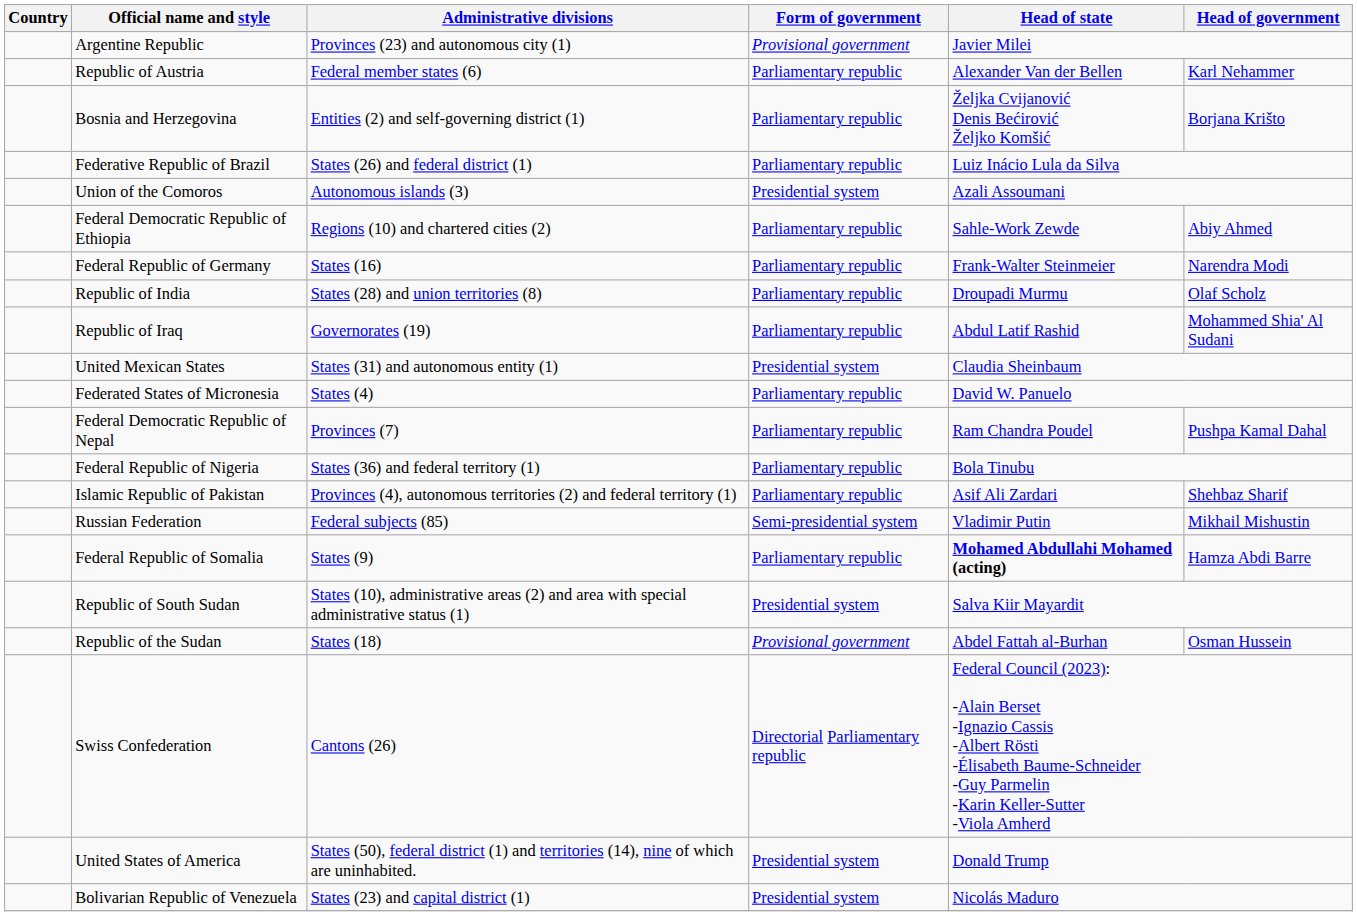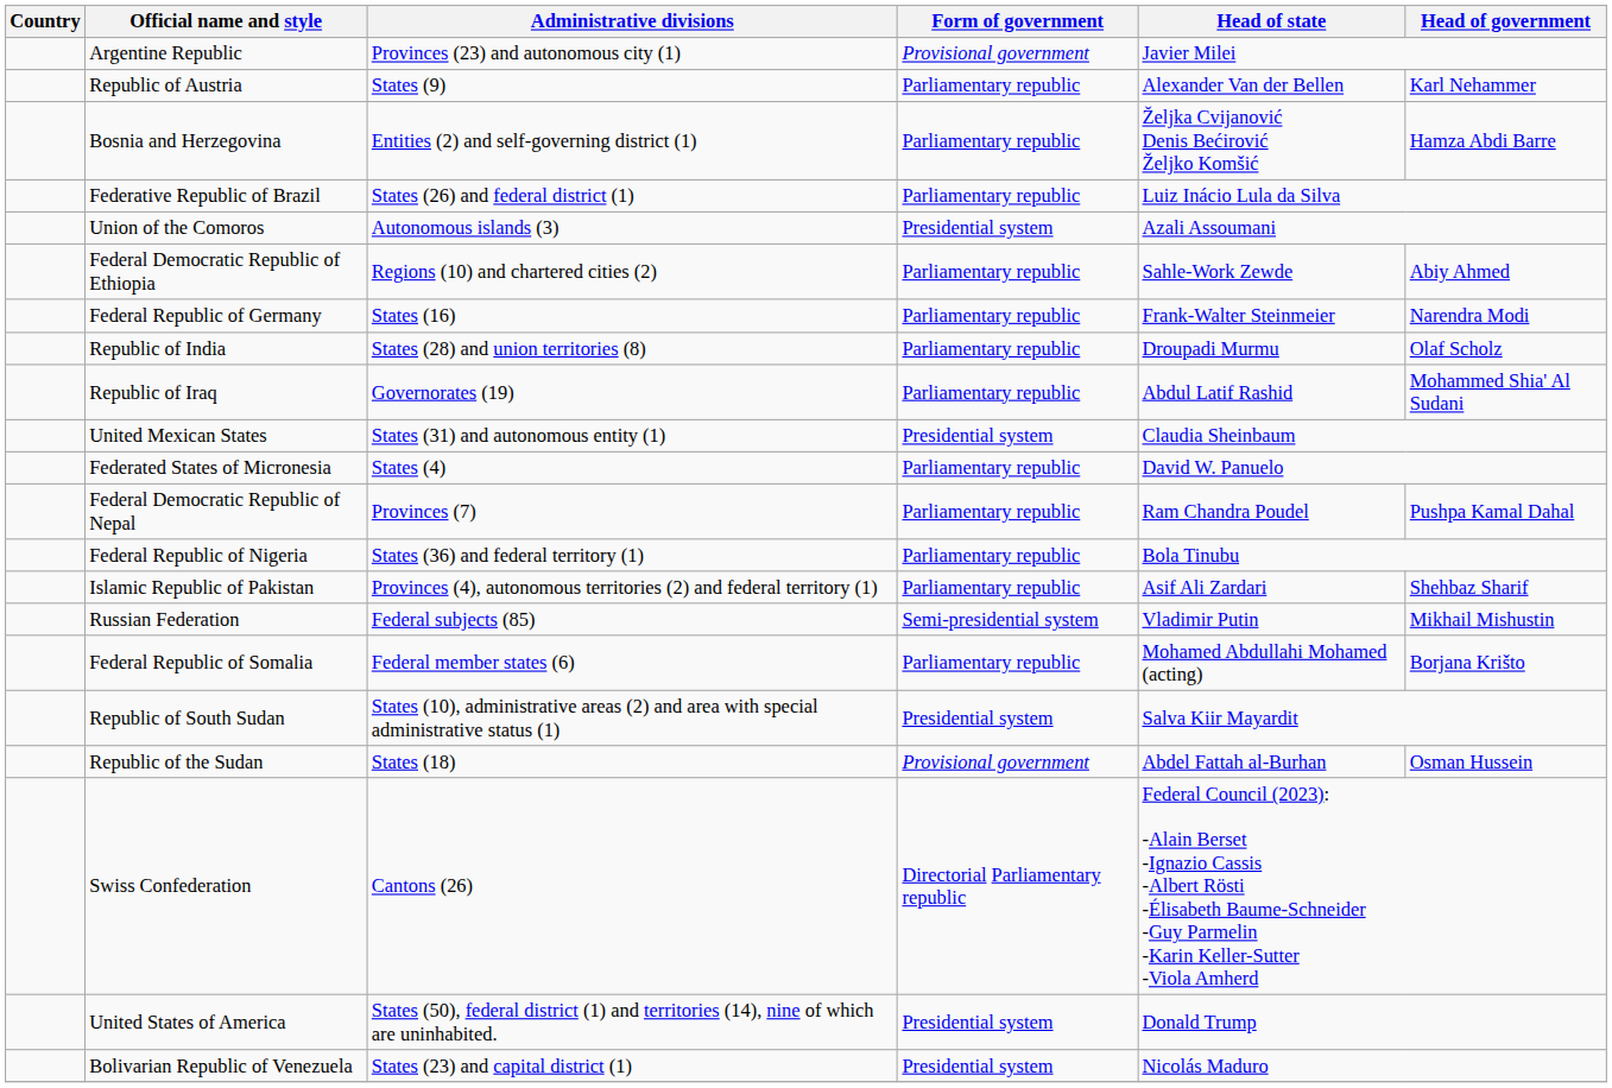 <table class="wikitable sortable" style="font-size: 95%;">
 <tr>
 <th>Country</th>
 <th>Official name and <a href='#'>style</a></th>
 <th><a href='#'>Administrative divisions</a></th>
 <th><a href='#'>Form of government</a></th>
 <th><a href='#'>Head of state</a></th>
 <th><a href='#'>Head of government</a></th>
 </tr>
 <tr>
 <td></td>
 <td>Argentine Republic</td>
 <td><a href='#'>Provinces</a> (23) and autonomous city (1)</td>
 <td><em><a href='#'>Provisional government</a></em></td>
 <td colspan="2"><div><a href='#'>Javier Milei</a></div></td>
 </tr>
 <tr>
 <td></td>
 <td>Republic of Austria</td>
-<td><a href='#'>Federal member states</a> (6)</td>
+<td><a href='#'>States</a> (9)</td>
 <td><a href='#'>Parliamentary republic</a></td>
 <td><a href='#'>Alexander Van der Bellen</a></td>
 <td><a href='#'>Karl Nehammer</a></td>
 </tr>
 <tr>
 <td></td>
 <td>Bosnia and Herzegovina</td>
 <td><a href='#'>Entities</a> (2) and self-governing district (1)</td>
 <td><a href='#'>Parliamentary republic</a></td>
 <td><a href='#'>Željka Cvijanović</a><br><a href='#'>Denis Bećirović</a><br><a href='#'>Željko Komšić</a></td>
-<td><a href='#'>Borjana Krišto</a></td>
+<td><a href='#'>Hamza Abdi Barre</a></td>
 </tr>
 <tr>
 <td></td>
 <td>Federative Republic of Brazil</td>
 <td><a href='#'>States</a> (26) and <a href='#'>federal district</a> (1)</td>
 <td><a href='#'>Parliamentary republic</a></td>
 <td colspan="2"><div><a href='#'>Luiz Inácio Lula da Silva</a></div></td>
 </tr>
 <tr>
 <td></td>
 <td>Union of the Comoros</td>
 <td><a href='#'>Autonomous islands</a> (3)</td>
 <td><a href='#'>Presidential system</a></td>
 <td colspan="2"><div><a href='#'>Azali Assoumani</a></div></td>
 </tr>
 <tr>
 <td></td>
 <td>Federal Democratic Republic of Ethiopia</td>
 <td><a href='#'>Regions</a> (10) and chartered cities (2)</td>
 <td><a href='#'>Parliamentary republic</a></td>
 <td><a href='#'>Sahle-Work Zewde</a></td>
 <td><a href='#'>Abiy Ahmed</a></td>
 </tr>
 <tr>
 <td></td>
 <td>Federal Republic of Germany</td>
 <td><a href='#'>States</a> (16)</td>
 <td><a href='#'>Parliamentary republic</a></td>
 <td><a href='#'>Frank-Walter Steinmeier</a></td>
 <td><a href='#'>Narendra Modi</a></td>
 </tr>
 <tr>
 <td></td>
 <td>Republic of India</td>
 <td><a href='#'>States</a> (28) and <a href='#'>union territories</a> (8)</td>
 <td><a href='#'>Parliamentary republic</a></td>
 <td><a href='#'>Droupadi Murmu</a></td>
 <td><a href='#'>Olaf Scholz</a></td>
 </tr>
 <tr>
 <td></td>
 <td>Republic of Iraq</td>
 <td><a href='#'>Governorates</a> (19)</td>
 <td><a href='#'>Parliamentary republic</a></td>
 <td><a href='#'>Abdul Latif Rashid</a></td>
 <td><a href='#'>Mohammed Shia' Al Sudani</a></td>
 </tr>
 <tr>
 <td></td>
 <td>United Mexican States</td>
 <td><a href='#'>States</a> (31) and autonomous entity (1)</td>
 <td><a href='#'>Presidential system</a></td>
 <td colspan="2"><div><a href='#'>Claudia Sheinbaum</a></div></td>
 </tr>
 <tr>
 <td></td>
 <td>Federated States of Micronesia</td>
 <td><a href='#'>States</a> (4)</td>
 <td><a href='#'>Parliamentary republic</a></td>
 <td colspan="2"><div><a href='#'>David W. Panuelo</a></div></td>
 </tr>
 <tr>
 <td></td>
 <td>Federal Democratic Republic of Nepal</td>
 <td><a href='#'>Provinces</a> (7)</td>
 <td><a href='#'>Parliamentary republic</a></td>
 <td><a href='#'>Ram Chandra Poudel</a></td>
 <td><a href='#'>Pushpa Kamal Dahal</a></td>
 </tr>
 <tr>
 <td></td>
 <td>Federal Republic of Nigeria</td>
 <td><a href='#'>States</a> (36) and federal territory (1)</td>
 <td><a href='#'>Parliamentary republic</a></td>
 <td colspan="2"><div><a href='#'>Bola Tinubu</a></div></td>
 </tr>
 <tr>
 <td></td>
 <td>Islamic Republic of Pakistan</td>
 <td><a href='#'>Provinces</a> (4), autonomous territories (2) and federal territory (1)</td>
 <td><a href='#'>Parliamentary republic</a></td>
 <td><a href='#'>Asif Ali Zardari</a></td>
 <td><a href='#'>Shehbaz Sharif</a></td>
 </tr>
 <tr>
 <td></td>
 <td>Russian Federation</td>
 <td><a href='#'>Federal subjects</a> (85)</td>
 <td><a href='#'>Semi-presidential system</a></td>
 <td><a href='#'>Vladimir Putin</a></td>
 <td><a href='#'>Mikhail Mishustin</a></td>
 </tr>
 <tr>
 <td></td>
 <td>Federal Republic of Somalia</td>
-<td><a href='#'>States</a> (9)</td>
+<td><a href='#'>Federal member states</a> (6)</td>
 <td><a href='#'>Parliamentary republic</a></td>
-<td><strong><a href='#'>Mohamed Abdullahi Mohamed</a> (acting)</strong></td>
-<td><a href='#'>Hamza Abdi Barre</a></td>
+<td><a href='#'>Mohamed Abdullahi Mohamed</a> (acting)</td>
+<td><a href='#'>Borjana Krišto</a></td>
 </tr>
 <tr>
 <td></td>
 <td>Republic of South Sudan</td>
 <td><a href='#'>States</a> (10), administrative areas (2) and area with special administrative status (1)</td>
 <td><a href='#'>Presidential system</a></td>
 <td colspan="2"><div><a href='#'>Salva Kiir Mayardit</a></div></td>
 </tr>
 <tr>
 <td></td>
 <td>Republic of the Sudan</td>
 <td><a href='#'>States</a> (18)</td>
 <td><em><a href='#'>Provisional government</a></em></td>
 <td><a href='#'>Abdel Fattah al-Burhan</a></td>
 <td><a href='#'>Osman Hussein</a></td>
 </tr>
 <tr>
 <td></td>
 <td>Swiss Confederation</td>
 <td><a href='#'>Cantons</a> (26)</td>
 <td><a href='#'>Directorial</a> <a href='#'>Parliamentary republic</a></td>
 <td colspan="2"><div><a href='#'>Federal Council (2023)</a>:<br><br>-<a href='#'>Alain Berset</a> <br>-<a href='#'>Ignazio Cassis</a> <br>-<a href='#'>Albert Rösti</a> <br>-<a href='#'>Élisabeth Baume-Schneider</a> <br>-<a href='#'>Guy Parmelin</a> <br>-<a href='#'>Karin Keller-Sutter</a> <br>-<a href='#'>Viola Amherd</a> </div></td>
 </tr>
 <tr>
 <td></td>
 <td>United States of America</td>
 <td><a href='#'>States</a> (50), <a href='#'>federal district</a> (1) and <a href='#'>territories</a> (14), <a href='#'>nine</a> of which are uninhabited.</td>
 <td><a href='#'>Presidential system</a></td>
 <td colspan="2"><div><a href='#'>Donald Trump</a></div></td>
 </tr>
 <tr>
 <td></td>
 <td>Bolivarian Republic of Venezuela</td>
 <td><a href='#'>States</a> (23) and <a href='#'>capital district</a> (1)</td>
 <td><a href='#'>Presidential system</a></td>
 <td colspan="2"><div><a href='#'>Nicolás Maduro</a></div></td>
 </tr>
 <tr>
 </tr>
 </table>
